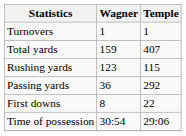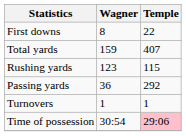 <table class="wikitable">
 <tr>
 <th>Statistics</th>
 <th>Wagner</th>
 <th>Temple</th>
 </tr>
 <tr>
-<td>Turnovers</td>
-<td>1</td>
-<td>1</td>
+<td>First downs</td>
+<td>8</td>
+<td>22</td>
 </tr>
 <tr>
 <td>Total yards</td>
 <td>159</td>
 <td>407</td>
 </tr>
 <tr>
 <td>Rushing yards</td>
 <td>123</td>
 <td>115</td>
 </tr>
 <tr>
 <td>Passing yards</td>
 <td>36</td>
 <td>292</td>
 </tr>
 <tr>
-<td>First downs</td>
-<td>8</td>
-<td>22</td>
+<td>Turnovers</td>
+<td>1</td>
+<td>1</td>
 </tr>
 <tr>
 <td>Time of possession</td>
 <td>30:54</td>
-<td>29:06</td>
+<td style="background: pink;">29:06</td>
 </tr>
 <tr>
 </tr>
 </table>
